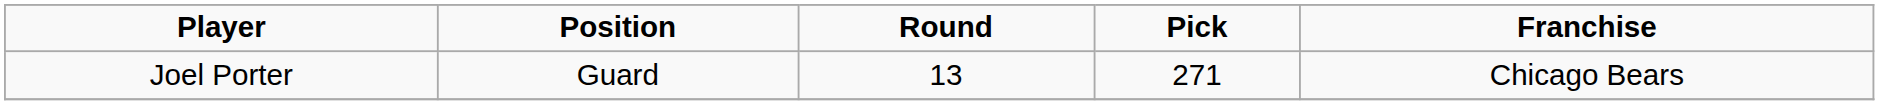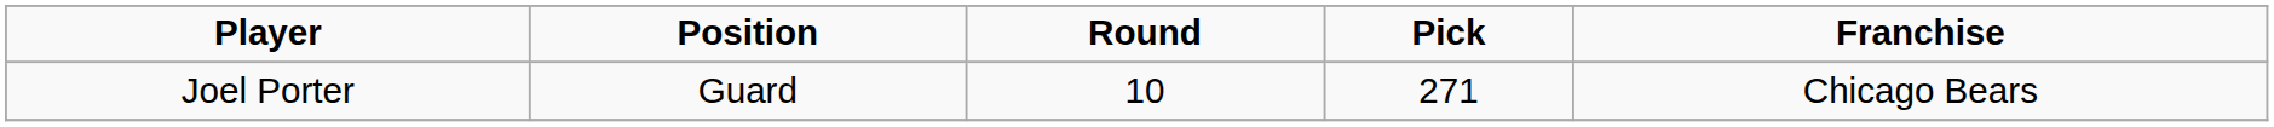 <table class="wikitable" width="80%">
 <tr align="center">
 <td><strong>Player</strong></td>
 <td><strong>Position</strong></td>
 <td><strong>Round</strong></td>
 <td><strong>Pick</strong></td>
 <td><strong>Franchise</strong></td>
 </tr>
 <tr align="center" bgcolor="">
 <td>Joel Porter</td>
 <td>Guard</td>
-<td>13</td>
+<td>10</td>
 <td>271</td>
 <td>Chicago Bears</td>
 </tr>
 <tr align="center" bgcolor="">
 </tr>
 </table>
